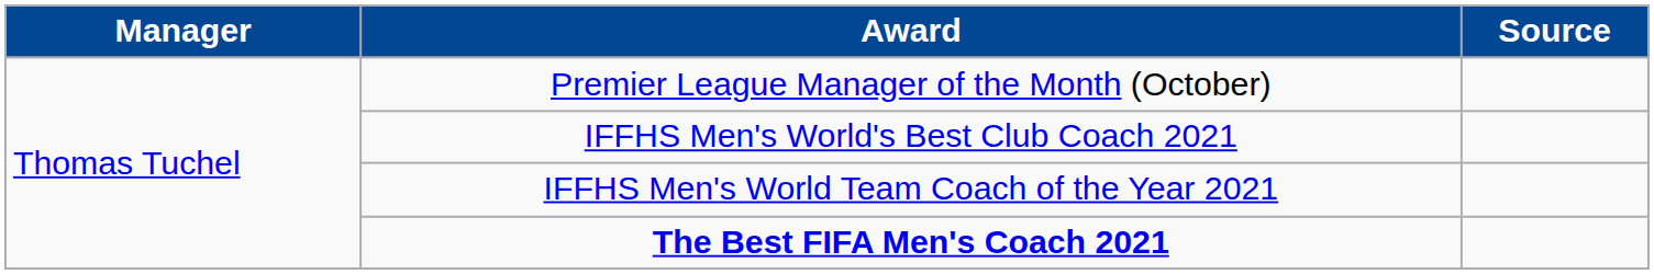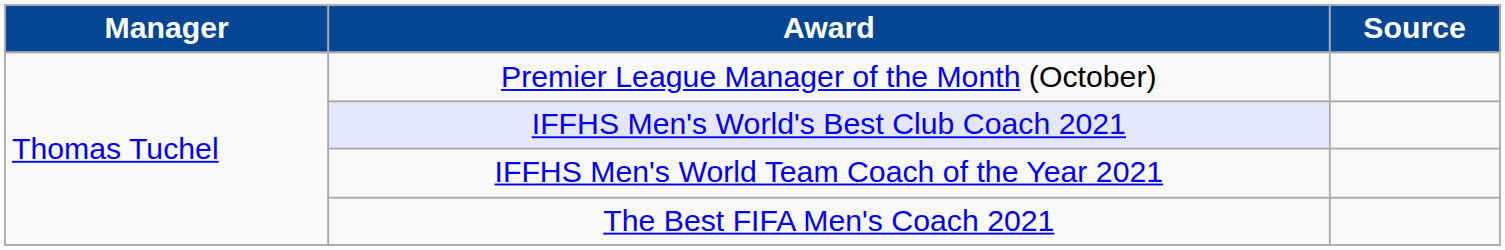 <table class="wikitable" style="text-align:center; width:50%;">
 <tr>
 <th scope="col" style="background:#034694; color:#FFFFFF">Manager</th>
 <th scope="col" style="background:#034694; color:#FFFFFF">Award</th>
 <th scope="col" style="background:#034694; color:#FFFFFF">Source</th>
 </tr>
 <tr>
 <td align="left" rowspan="4"> <a href='#'>Thomas Tuchel</a></td>
 <td><a href='#'>Premier League Manager of the Month</a> (October)</td>
 <td></td>
 </tr>
 <tr>
-<td><a href='#'>IFFHS Men's World's Best Club Coach 2021</a></td>
+<td style="background: lavender;"><a href='#'>IFFHS Men's World's Best Club Coach 2021</a></td>
 <td></td>
 </tr>
 <tr>
 <td><a href='#'>IFFHS Men's World Team Coach of the Year 2021</a></td>
 <td></td>
 </tr>
 <tr>
-<td><strong><a href='#'>The Best FIFA Men's Coach 2021</a></strong></td>
+<td><a href='#'>The Best FIFA Men's Coach 2021</a></td>
 <td></td>
 </tr>
 </table>
